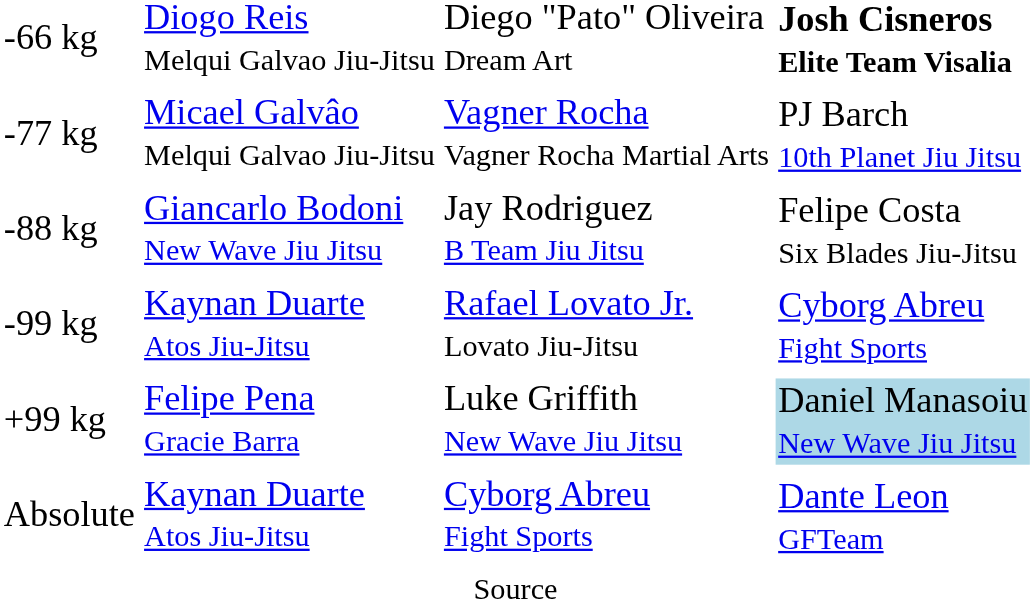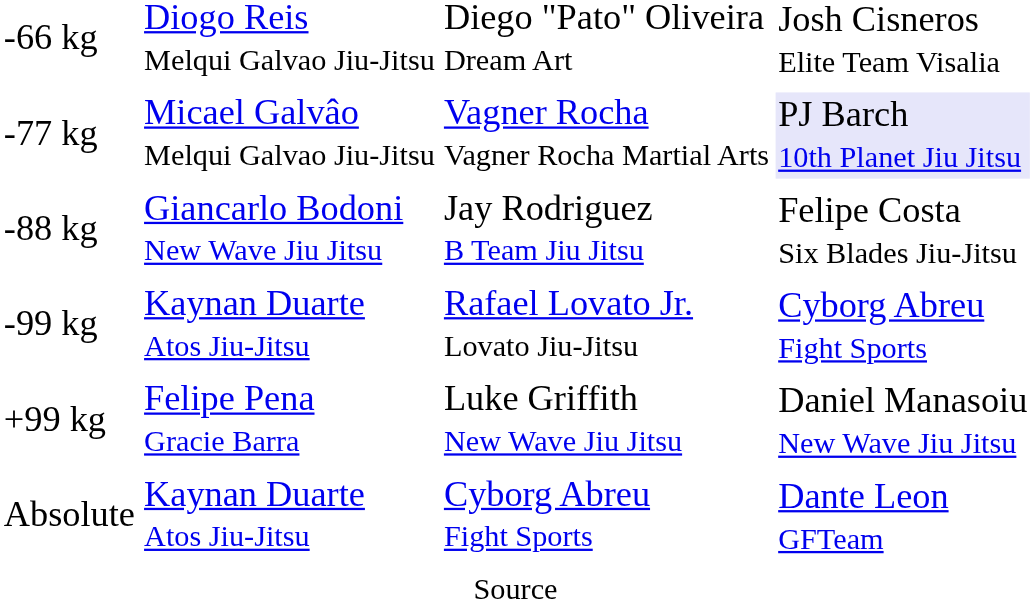 <table>
 <tr>
 <td rowspan=2>-66 kg</td>
 <td rowspan=2> <a href='#'>Diogo Reis</a><br><small>Melqui Galvao Jiu-Jitsu</small></td>
 <td rowspan=2> Diego "Pato" Oliveira<br><small>Dream Art</small></td>
 </tr>
 <tr>
-<td><strong> Josh Cisneros <br><small>Elite Team Visalia</small></strong></td>
+<td> Josh Cisneros <br><small>Elite Team Visalia</small></td>
 </tr>
 <tr>
 <td rowspan=2>-77 kg</td>
 <td rowspan=2> <a href='#'>Micael Galvâo</a><br><small>Melqui Galvao Jiu-Jitsu</small></td>
 <td rowspan=2> <a href='#'>Vagner Rocha</a><br><small>Vagner Rocha Martial Arts</small></td>
 </tr>
 <tr>
-<td> PJ Barch<br><small><a href='#'>10th Planet Jiu Jitsu</a></small></td>
+<td style="background: lavender;"> PJ Barch<br><small><a href='#'>10th Planet Jiu Jitsu</a></small></td>
 </tr>
 <tr>
 <td rowspan=2>-88 kg</td>
 <td rowspan=2> <a href='#'>Giancarlo Bodoni</a> <br><small><a href='#'>New Wave Jiu Jitsu</a></small></td>
 <td rowspan=2> Jay Rodriguez<br><small><a href='#'>B Team Jiu Jitsu</a></small></td>
 </tr>
 <tr>
 <td> Felipe Costa<br><small>Six Blades Jiu-Jitsu</small></td>
 </tr>
 <tr>
 <td rowspan=2>-99 kg</td>
 <td rowspan=2> <a href='#'>Kaynan Duarte</a><br><small><a href='#'>Atos Jiu-Jitsu</a></small></td>
 <td rowspan=2> <a href='#'>Rafael Lovato Jr.</a><br><small>Lovato Jiu-Jitsu</small></td>
 </tr>
 <tr>
 <td> <a href='#'>Cyborg Abreu</a><br><small><a href='#'>Fight Sports</a></small></td>
 </tr>
 <tr>
 <td rowspan=2>+99 kg</td>
 <td rowspan=2> <a href='#'>Felipe Pena</a><br><small><a href='#'>Gracie Barra</a></small></td>
 <td rowspan=2> Luke Griffith<br><small><a href='#'>New Wave Jiu Jitsu</a></small></td>
 </tr>
 <tr>
-<td style="background: lightblue;"> Daniel Manasoiu<br><small><a href='#'>New Wave Jiu Jitsu</a></small></td>
+<td> Daniel Manasoiu<br><small><a href='#'>New Wave Jiu Jitsu</a></small></td>
 </tr>
 <tr>
 <td rowspan=2>Absolute</td>
 <td rowspan=2> <a href='#'>Kaynan Duarte</a><br><small><a href='#'>Atos Jiu-Jitsu</a></small></td>
 <td rowspan=2> <a href='#'>Cyborg Abreu</a><br><small><a href='#'>Fight Sports</a></small></td>
 </tr>
 <tr>
 <td> <a href='#'>Dante Leon</a><br><small><a href='#'>GFTeam</a></small></td>
 </tr>
 <tr>
 <td colspan=4 style="text-align:center;"><small>Source</small></td>
 </tr>
 <tr>
 </tr>
 </table>
